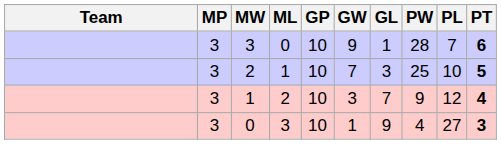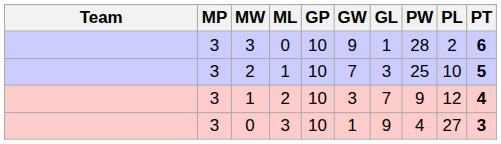 <table class=wikitable style="text-align:center">
 <tr>
 <th width=175>Team</th>
 <th width=20>MP</th>
 <th width=20>MW</th>
 <th width=20>ML</th>
 <th width=20>GP</th>
 <th width=20>GW</th>
 <th width=20>GL</th>
 <th width=20>PW</th>
 <th width=20>PL</th>
 <th width=20>PT</th>
 </tr>
 <tr style="background-color:#ccccff;">
 <td style="text-align:left;"></td>
 <td>3</td>
 <td>3</td>
 <td>0</td>
 <td>10</td>
 <td>9</td>
 <td>1</td>
 <td>28</td>
-<td>7</td>
+<td>2</td>
 <td><strong>6</strong></td>
 </tr>
 <tr style="background-color:#ccccff;">
 <td style="text-align:left;"></td>
 <td>3</td>
 <td>2</td>
 <td>1</td>
 <td>10</td>
 <td>7</td>
 <td>3</td>
 <td>25</td>
 <td>10</td>
 <td><strong>5</strong></td>
 </tr>
 <tr style="background-color:#ffcccc;">
 <td style="text-align:left;"></td>
 <td>3</td>
 <td>1</td>
 <td>2</td>
 <td>10</td>
 <td>3</td>
 <td>7</td>
 <td>9</td>
 <td>12</td>
 <td><strong>4</strong></td>
 </tr>
 <tr style="background-color:#ffcccc;">
 <td style="text-align:left;"></td>
 <td>3</td>
 <td>0</td>
 <td>3</td>
 <td>10</td>
 <td>1</td>
 <td>9</td>
 <td>4</td>
 <td>27</td>
 <td><strong>3</strong></td>
 </tr>
 </table>
